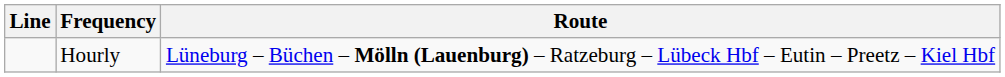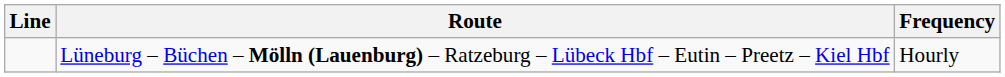 <table class="wikitable">
 <tr>
 <th>Line</th>
+<th>Route</th>
 <th>Frequency</th>
-<th>Route</th>
 </tr>
 <tr>
 <td align="center"></td>
+<td><a href='#'>Lüneburg</a> – <a href='#'>Büchen</a> – <strong>Mölln (Lauenburg)</strong> – Ratzeburg – <a href='#'>Lübeck Hbf</a> – Eutin – Preetz – <a href='#'>Kiel Hbf</a></td>
 <td>Hourly</td>
-<td><a href='#'>Lüneburg</a> – <a href='#'>Büchen</a> – <strong>Mölln (Lauenburg)</strong> – Ratzeburg – <a href='#'>Lübeck Hbf</a> – Eutin – Preetz – <a href='#'>Kiel Hbf</a></td>
 </tr>
 </table>
